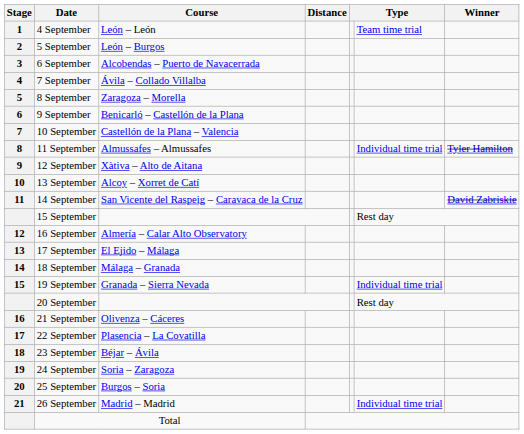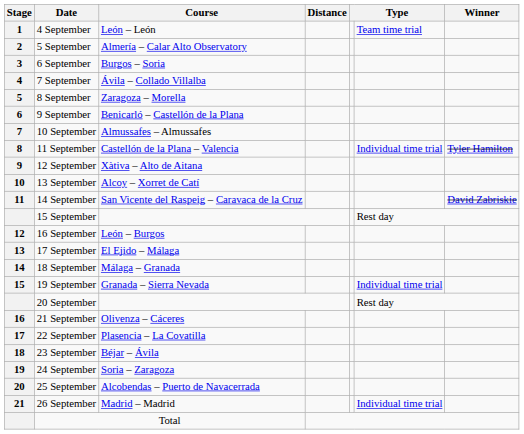 <table class="wikitable">
 <tr>
 <th scope="col">Stage</th>
 <th scope="col">Date</th>
 <th scope="col">Course</th>
 <th scope="col">Distance</th>
 <th scope="col" colspan="2">Type</th>
 <th scope="col">Winner</th>
 </tr>
 <tr>
 <th scope="row">1</th>
 <td>4 September</td>
 <td><a href='#'>León</a> – León</td>
 <td style="text-align:center;"></td>
 <td></td>
 <td><a href='#'>Team time trial</a></td>
 <td></td>
 </tr>
 <tr>
 <th scope="row">2</th>
 <td>5 September</td>
-<td><a href='#'>León</a> – <a href='#'>Burgos</a></td>
+<td><a href='#'>Almería</a> – <a href='#'>Calar Alto Observatory</a></td>
 <td style="text-align:center;"></td>
 <td></td>
 <td></td>
 <td></td>
 </tr>
 <tr>
 <th scope="row">3</th>
 <td>6 September</td>
-<td><a href='#'>Alcobendas</a> – <a href='#'>Puerto de Navacerrada</a></td>
+<td><a href='#'>Burgos</a> – <a href='#'>Soria</a></td>
 <td style="text-align:center;"></td>
 <td></td>
 <td></td>
 <td></td>
 </tr>
 <tr>
 <th scope="row">4</th>
 <td>7 September</td>
 <td><a href='#'>Ávila</a> – <a href='#'>Collado Villalba</a></td>
 <td style="text-align:center;"></td>
 <td></td>
 <td></td>
 <td></td>
 </tr>
 <tr>
 <th scope="row">5</th>
 <td>8 September</td>
 <td><a href='#'>Zaragoza</a> – <a href='#'>Morella</a></td>
 <td style="text-align:center;"></td>
 <td></td>
 <td></td>
 <td></td>
 </tr>
 <tr>
 <th scope="row">6</th>
 <td>9 September</td>
 <td><a href='#'>Benicarló</a> – <a href='#'>Castellón de la Plana</a></td>
 <td style="text-align:center;"></td>
 <td></td>
 <td></td>
 <td></td>
 </tr>
 <tr>
 <th scope="row">7</th>
 <td>10 September</td>
-<td><a href='#'>Castellón de la Plana</a> – <a href='#'>Valencia</a></td>
+<td><a href='#'>Almussafes</a> – Almussafes</td>
 <td style="text-align:center;"></td>
 <td></td>
 <td></td>
 <td></td>
 </tr>
 <tr>
 <th scope="row">8</th>
 <td>11 September</td>
-<td><a href='#'>Almussafes</a> – Almussafes</td>
+<td><a href='#'>Castellón de la Plana</a> – <a href='#'>Valencia</a></td>
 <td style="text-align:center;"></td>
 <td></td>
 <td><a href='#'>Individual time trial</a></td>
 <td><s><a href='#'>Tyler Hamilton</a></s><br></td>
 </tr>
 <tr>
 <th scope="row">9</th>
 <td>12 September</td>
 <td><a href='#'>Xàtiva</a> – <a href='#'>Alto de Aitana</a></td>
 <td style="text-align:center;"></td>
 <td></td>
 <td></td>
 <td></td>
 </tr>
 <tr>
 <th scope="row">10</th>
 <td>13 September</td>
 <td><a href='#'>Alcoy</a> – <a href='#'>Xorret de Catí</a></td>
 <td style="text-align:center;"></td>
 <td></td>
 <td></td>
 <td></td>
 </tr>
 <tr>
 <th scope="row">11</th>
 <td>14 September</td>
 <td><a href='#'>San Vicente del Raspeig</a> – <a href='#'>Caravaca de la Cruz</a></td>
 <td style="text-align:center;"></td>
 <td></td>
 <td></td>
 <td><s><a href='#'>David Zabriskie</a></s></td>
 </tr>
 <tr>
 <th scope="row"></th>
 <td style="text-align:center;">15 September</td>
 <td colspan="2"></td>
 <td></td>
 <td colspan="3">Rest day</td>
 </tr>
 <tr>
 <th scope="row">12</th>
 <td>16 September</td>
-<td><a href='#'>Almería</a> – <a href='#'>Calar Alto Observatory</a></td>
+<td><a href='#'>León</a> – <a href='#'>Burgos</a></td>
 <td style="text-align:center;"></td>
 <td></td>
 <td></td>
 <td></td>
 </tr>
 <tr>
 <th scope="row">13</th>
 <td>17 September</td>
 <td><a href='#'>El Ejido</a> – <a href='#'>Málaga</a></td>
 <td style="text-align:center;"></td>
 <td></td>
 <td></td>
 <td></td>
 </tr>
 <tr>
 <th scope="row">14</th>
 <td>18 September</td>
 <td><a href='#'>Málaga</a> – <a href='#'>Granada</a></td>
 <td style="text-align:center;"></td>
 <td></td>
 <td></td>
 <td></td>
 </tr>
 <tr>
 <th scope="row">15</th>
 <td>19 September</td>
 <td><a href='#'>Granada</a> – <a href='#'>Sierra Nevada</a></td>
 <td style="text-align:center;"></td>
 <td></td>
 <td><a href='#'>Individual time trial</a></td>
 <td></td>
 </tr>
 <tr>
 <th scope="row"></th>
 <td style="text-align:center;">20 September</td>
 <td colspan="2"></td>
 <td></td>
 <td colspan="3">Rest day</td>
 </tr>
 <tr>
 <th scope="row">16</th>
 <td>21 September</td>
 <td><a href='#'>Olivenza</a> – <a href='#'>Cáceres</a></td>
 <td style="text-align:center;"></td>
 <td></td>
 <td></td>
 <td></td>
 </tr>
 <tr>
 <th scope="row">17</th>
 <td>22 September</td>
 <td><a href='#'>Plasencia</a> – <a href='#'>La Covatilla</a></td>
 <td style="text-align:center;"></td>
 <td></td>
 <td></td>
 <td></td>
 </tr>
 <tr>
 <th scope="row">18</th>
 <td>23 September</td>
 <td><a href='#'>Béjar</a> – <a href='#'>Ávila</a></td>
 <td style="text-align:center;"></td>
 <td></td>
 <td></td>
 <td></td>
 </tr>
 <tr>
 <th scope="row">19</th>
 <td>24 September</td>
 <td><a href='#'>Soria</a> – <a href='#'>Zaragoza</a></td>
 <td style="text-align:center;"></td>
 <td></td>
 <td></td>
 <td></td>
 </tr>
 <tr>
 <th scope="row">20</th>
 <td>25 September</td>
-<td><a href='#'>Burgos</a> – <a href='#'>Soria</a></td>
+<td><a href='#'>Alcobendas</a> – <a href='#'>Puerto de Navacerrada</a></td>
 <td style="text-align:center;"></td>
 <td></td>
 <td></td>
 <td></td>
 </tr>
 <tr>
 <th scope="row">21</th>
 <td>26 September</td>
 <td><a href='#'>Madrid</a> – Madrid</td>
 <td style="text-align:center;"></td>
 <td></td>
 <td><a href='#'>Individual time trial</a></td>
 <td></td>
 </tr>
 <tr>
 <th scope="row"></th>
 <td colspan="2" style="text-align:center">Total</td>
 <td colspan="5" style="text-align:center"></td>
 </tr>
 </table>
